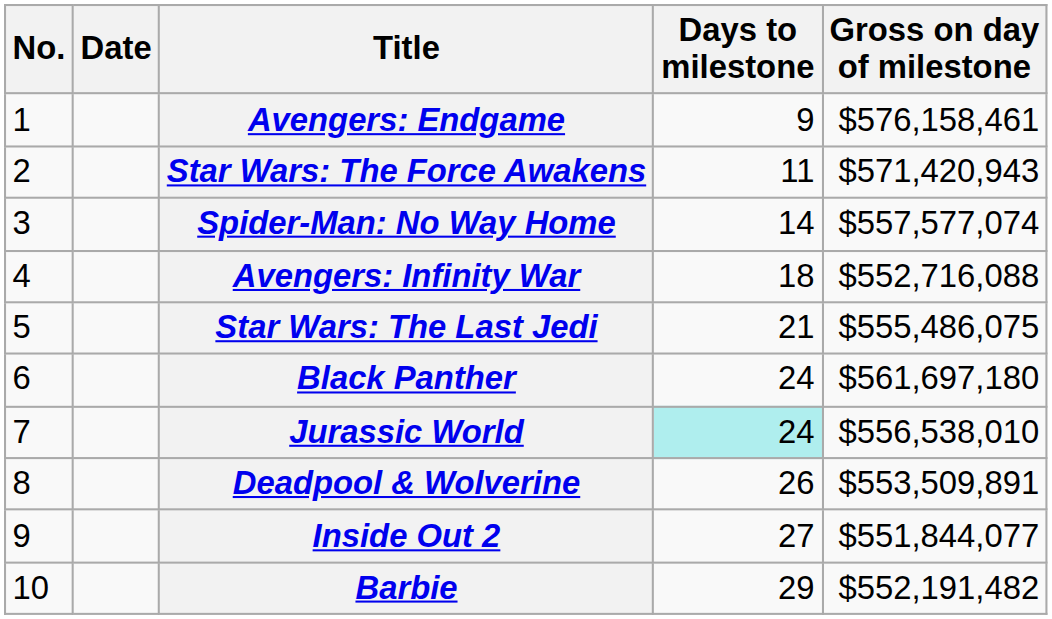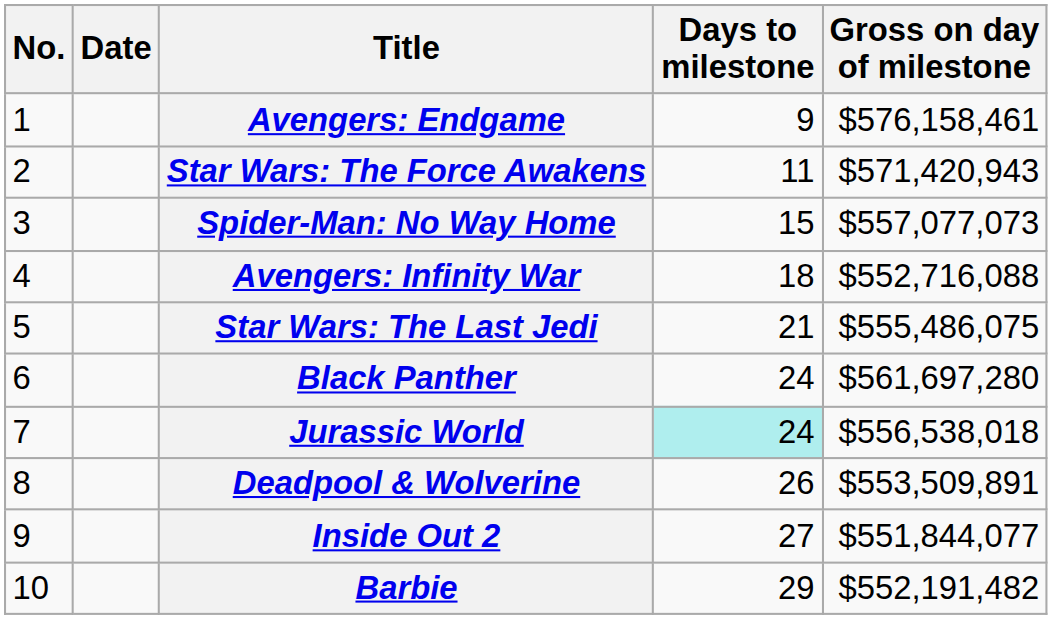 <table class="wikitable">
 <tr>
 <th scope="col">No.</th>
 <th scope="col">Date</th>
 <th scope="col">Title</th>
 <th scope="col">Days to <br>milestone</th>
 <th scope="col">Gross on day <br>of milestone</th>
 </tr>
 <tr>
 <td>1</td>
 <td></td>
 <th scope="row"><em><a href='#'>Avengers: Endgame</a></em></th>
 <td style="text-align:right;">9</td>
 <td style="text-align:right;">$576,158,461</td>
 </tr>
 <tr>
 <td>2</td>
 <td></td>
 <th scope="row"><em><a href='#'>Star Wars: The Force Awakens</a></em></th>
 <td style="text-align:right;">11</td>
 <td style="text-align:right;">$571,420,943</td>
 </tr>
 <tr>
 <td>3</td>
 <td></td>
 <th scope="row"><em><a href='#'>Spider-Man: No Way Home</a></em></th>
-<td style="text-align:right;">14</td>
-<td style="text-align:right;">$557,577,074</td>
+<td style="text-align:right;">15</td>
+<td style="text-align:right;">$557,077,073</td>
 </tr>
 <tr>
 <td>4</td>
 <td></td>
 <th scope="row"><em><a href='#'>Avengers: Infinity War</a></em></th>
 <td style="text-align:right;">18</td>
 <td style="text-align:right;">$552,716,088</td>
 </tr>
 <tr>
 <td>5</td>
 <td></td>
 <th scope="row"><em><a href='#'>Star Wars: The Last Jedi</a></em></th>
 <td style="text-align:right;">21</td>
 <td style="text-align:right;">$555,486,075</td>
 </tr>
 <tr>
 <td>6</td>
 <td></td>
 <th scope="row"><em><a href='#'>Black Panther</a></em></th>
 <td style="text-align:right;">24</td>
-<td style="text-align:right;">$561,697,180</td>
+<td style="text-align:right;">$561,697,280</td>
 </tr>
 <tr>
 <td>7</td>
 <td></td>
 <th scope="row"><em><a href='#'>Jurassic World</a></em></th>
 <td style="background: paleturquoise; text-align:right;">24</td>
-<td style="text-align:right;">$556,538,010</td>
+<td style="text-align:right;">$556,538,018</td>
 </tr>
 <tr>
 <td>8</td>
 <td></td>
 <th scope="row"><em><a href='#'>Deadpool & Wolverine</a></em></th>
 <td style="text-align:right;">26</td>
 <td style="text-align:right;">$553,509,891</td>
 </tr>
 <tr>
 <td>9</td>
 <td></td>
 <th scope="row"><em><a href='#'>Inside Out 2</a></em></th>
 <td style="text-align:right;">27</td>
 <td style="text-align:right;">$551,844,077</td>
 </tr>
 <tr>
 <td>10</td>
 <td></td>
 <th scope="row"><em><a href='#'>Barbie</a></em></th>
 <td style="text-align:right;">29</td>
 <td style="text-align:right;">$552,191,482</td>
 </tr>
 </table>
